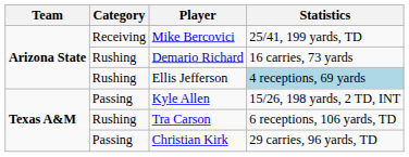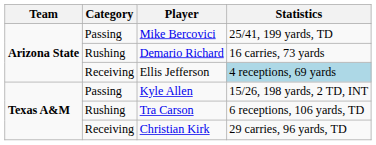 <table class="wikitable" style="float: right;">
 <tr>
 <th>Team</th>
 <th>Category</th>
 <th>Player</th>
 <th>Statistics</th>
 </tr>
 <tr>
 <td rowspan=3><strong>Arizona State</strong></td>
-<td>Receiving</td>
+<td>Passing</td>
 <td><a href='#'>Mike Bercovici</a></td>
 <td>25/41, 199 yards, TD</td>
 </tr>
 <tr>
 <td>Rushing</td>
 <td><a href='#'>Demario Richard</a></td>
 <td>16 carries, 73 yards</td>
 </tr>
 <tr>
-<td>Rushing</td>
+<td>Receiving</td>
 <td>Ellis Jefferson</td>
 <td style="background: lightblue;">4 receptions, 69 yards</td>
 </tr>
 <tr>
 <td rowspan=3><strong>Texas A&M</strong></td>
 <td>Passing</td>
 <td><a href='#'>Kyle Allen</a></td>
 <td>15/26, 198 yards, 2 TD, INT</td>
 </tr>
 <tr>
 <td>Rushing</td>
 <td><a href='#'>Tra Carson</a></td>
 <td>6 receptions, 106 yards, TD</td>
 </tr>
 <tr>
-<td>Passing</td>
+<td>Receiving</td>
 <td><a href='#'>Christian Kirk</a></td>
 <td>29 carries, 96 yards, TD</td>
 </tr>
 </table>
